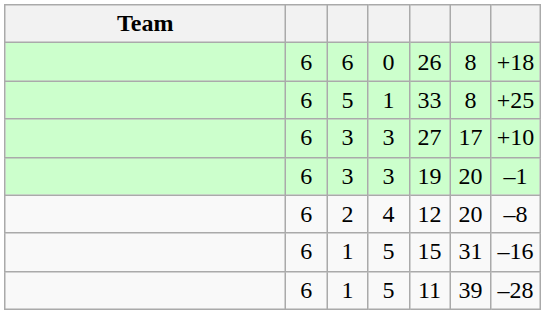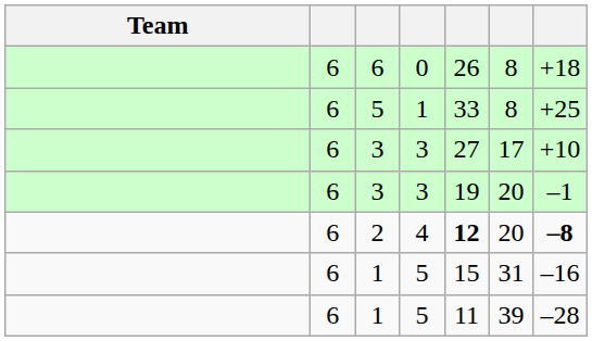 <table class=wikitable style=text-align:center>
 <tr>
 <th width=180>Team</th>
 <th width=20></th>
 <th width=20></th>
 <th width=20></th>
 <th width=20></th>
 <th width=20></th>
 <th width=20></th>
 </tr>
 <tr style="background-color:#ccffcc;">
 <td style="text-align:left;"></td>
 <td>6</td>
 <td>6</td>
 <td>0</td>
 <td>26</td>
 <td>8</td>
 <td>+18</td>
 </tr>
 <tr style="background-color:#ccffcc;">
 <td style="text-align:left;"></td>
 <td>6</td>
 <td>5</td>
 <td>1</td>
 <td>33</td>
 <td>8</td>
 <td>+25</td>
 </tr>
 <tr style="background-color:#ccffcc;">
 <td style="text-align:left;"></td>
 <td>6</td>
 <td>3</td>
 <td>3</td>
 <td>27</td>
 <td>17</td>
 <td>+10</td>
 </tr>
 <tr style="background-color:#ccffcc;">
 <td style="text-align:left;"></td>
 <td>6</td>
 <td>3</td>
 <td>3</td>
 <td>19</td>
 <td>20</td>
 <td>–1</td>
 </tr>
 <tr>
 <td style="text-align:left;"></td>
 <td>6</td>
 <td>2</td>
 <td>4</td>
-<td>12</td>
+<td><strong>12</strong></td>
 <td>20</td>
-<td>–8</td>
+<td><strong>–8</strong></td>
 </tr>
 <tr>
 <td style="text-align:left;"></td>
 <td>6</td>
 <td>1</td>
 <td>5</td>
 <td>15</td>
 <td>31</td>
 <td>–16</td>
 </tr>
 <tr>
 <td style="text-align:left;"></td>
 <td>6</td>
 <td>1</td>
 <td>5</td>
 <td>11</td>
 <td>39</td>
 <td>–28</td>
 </tr>
 </table>
